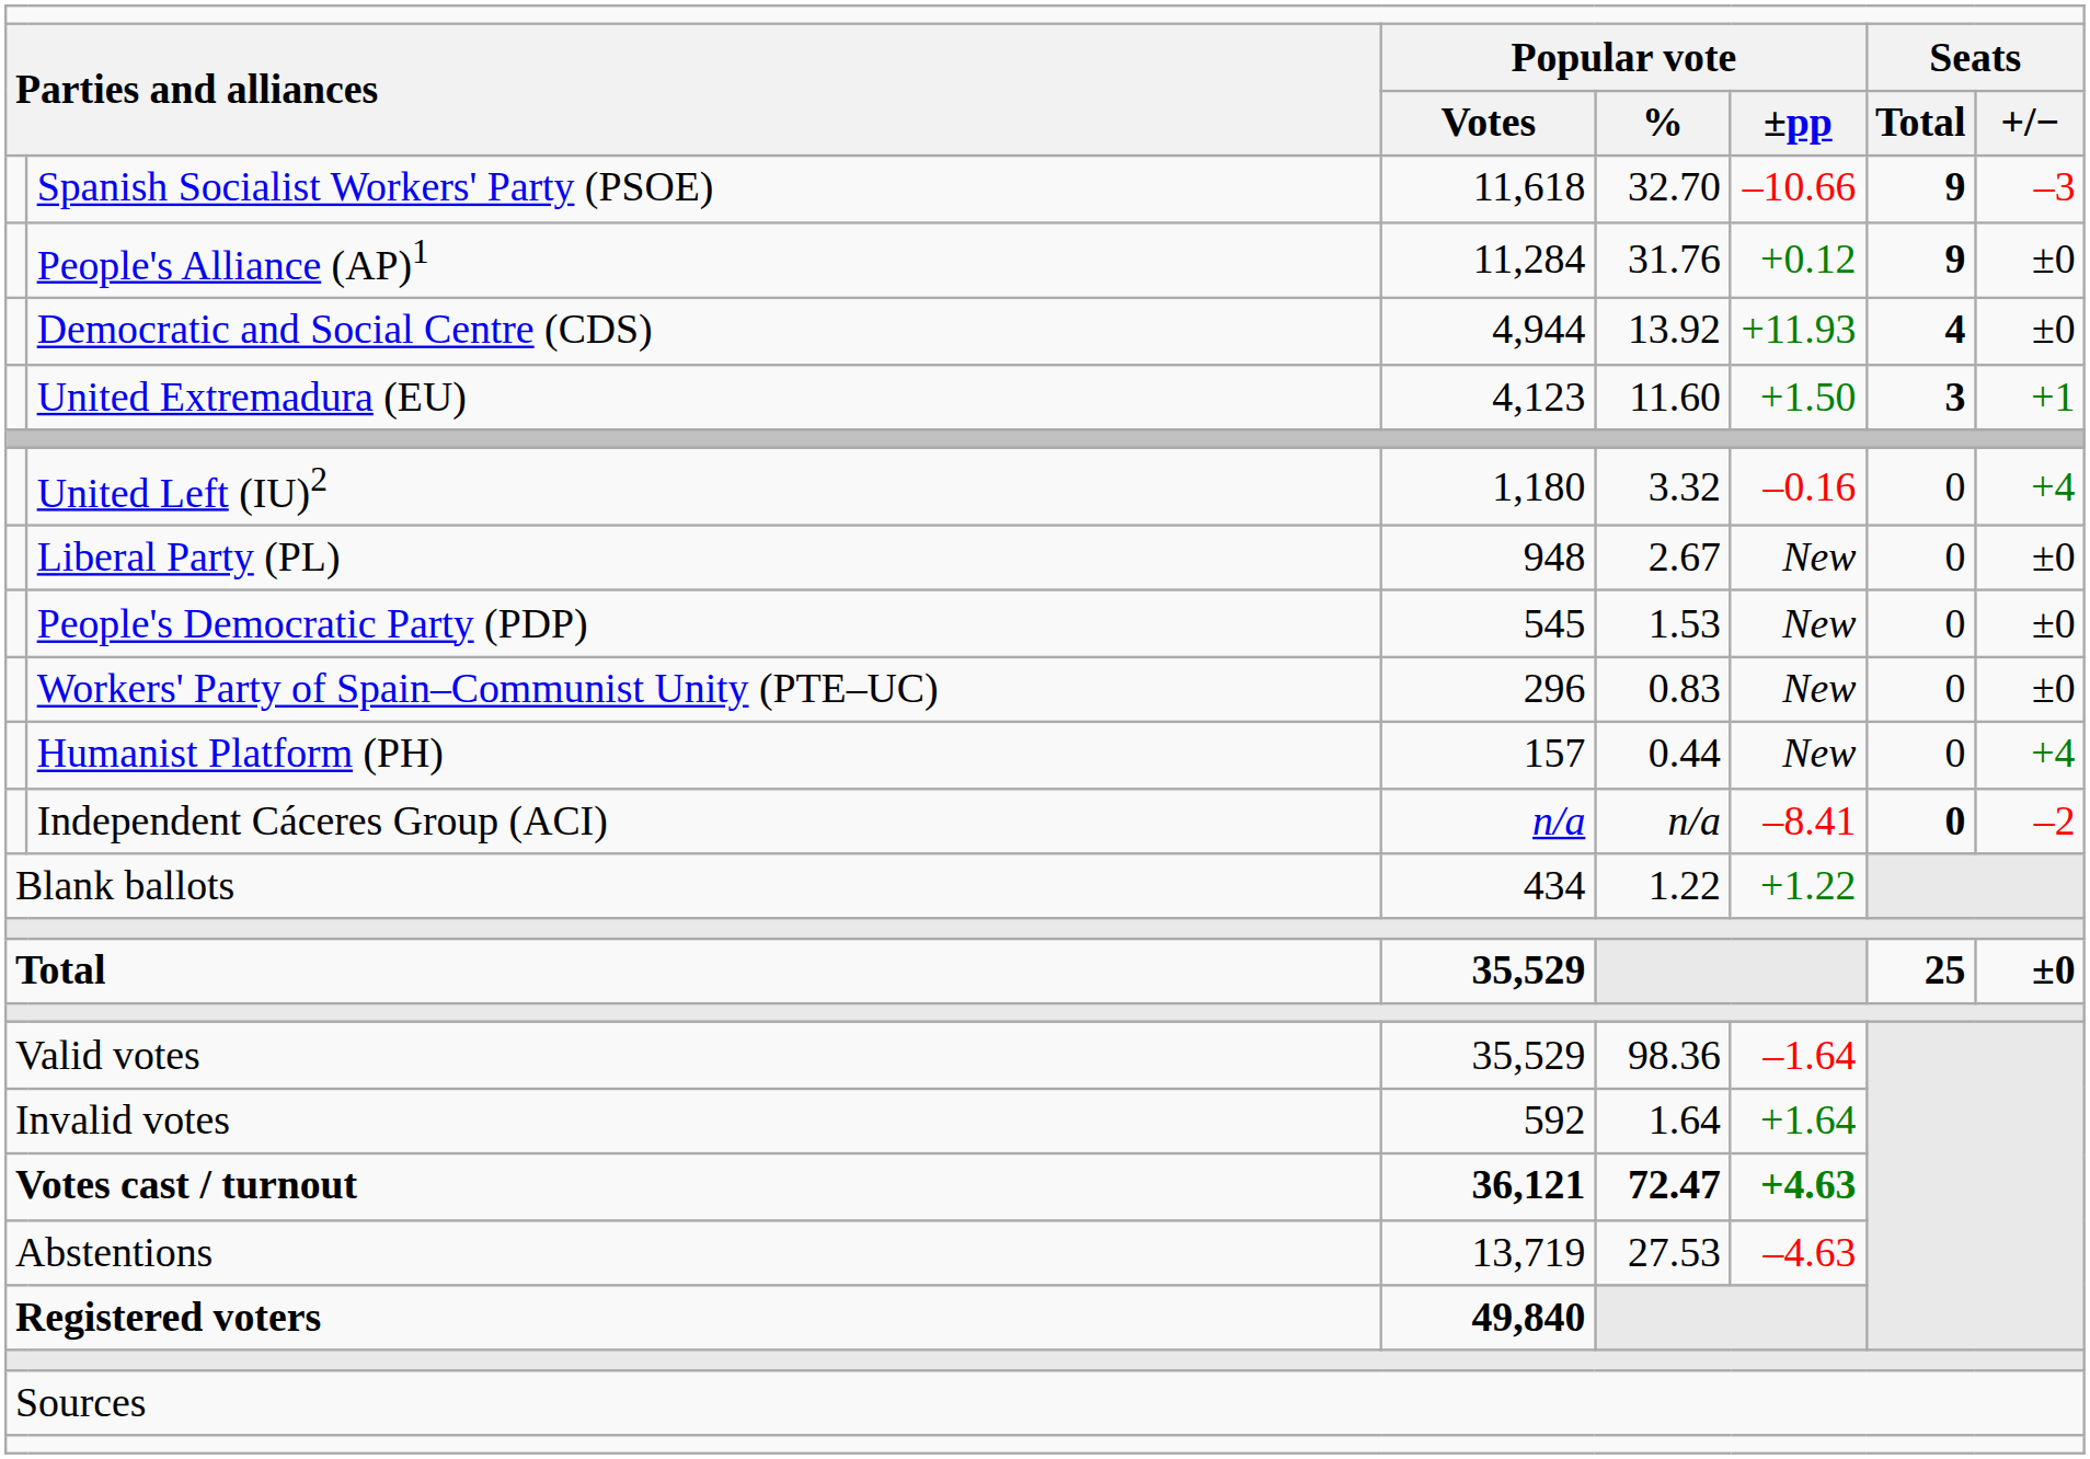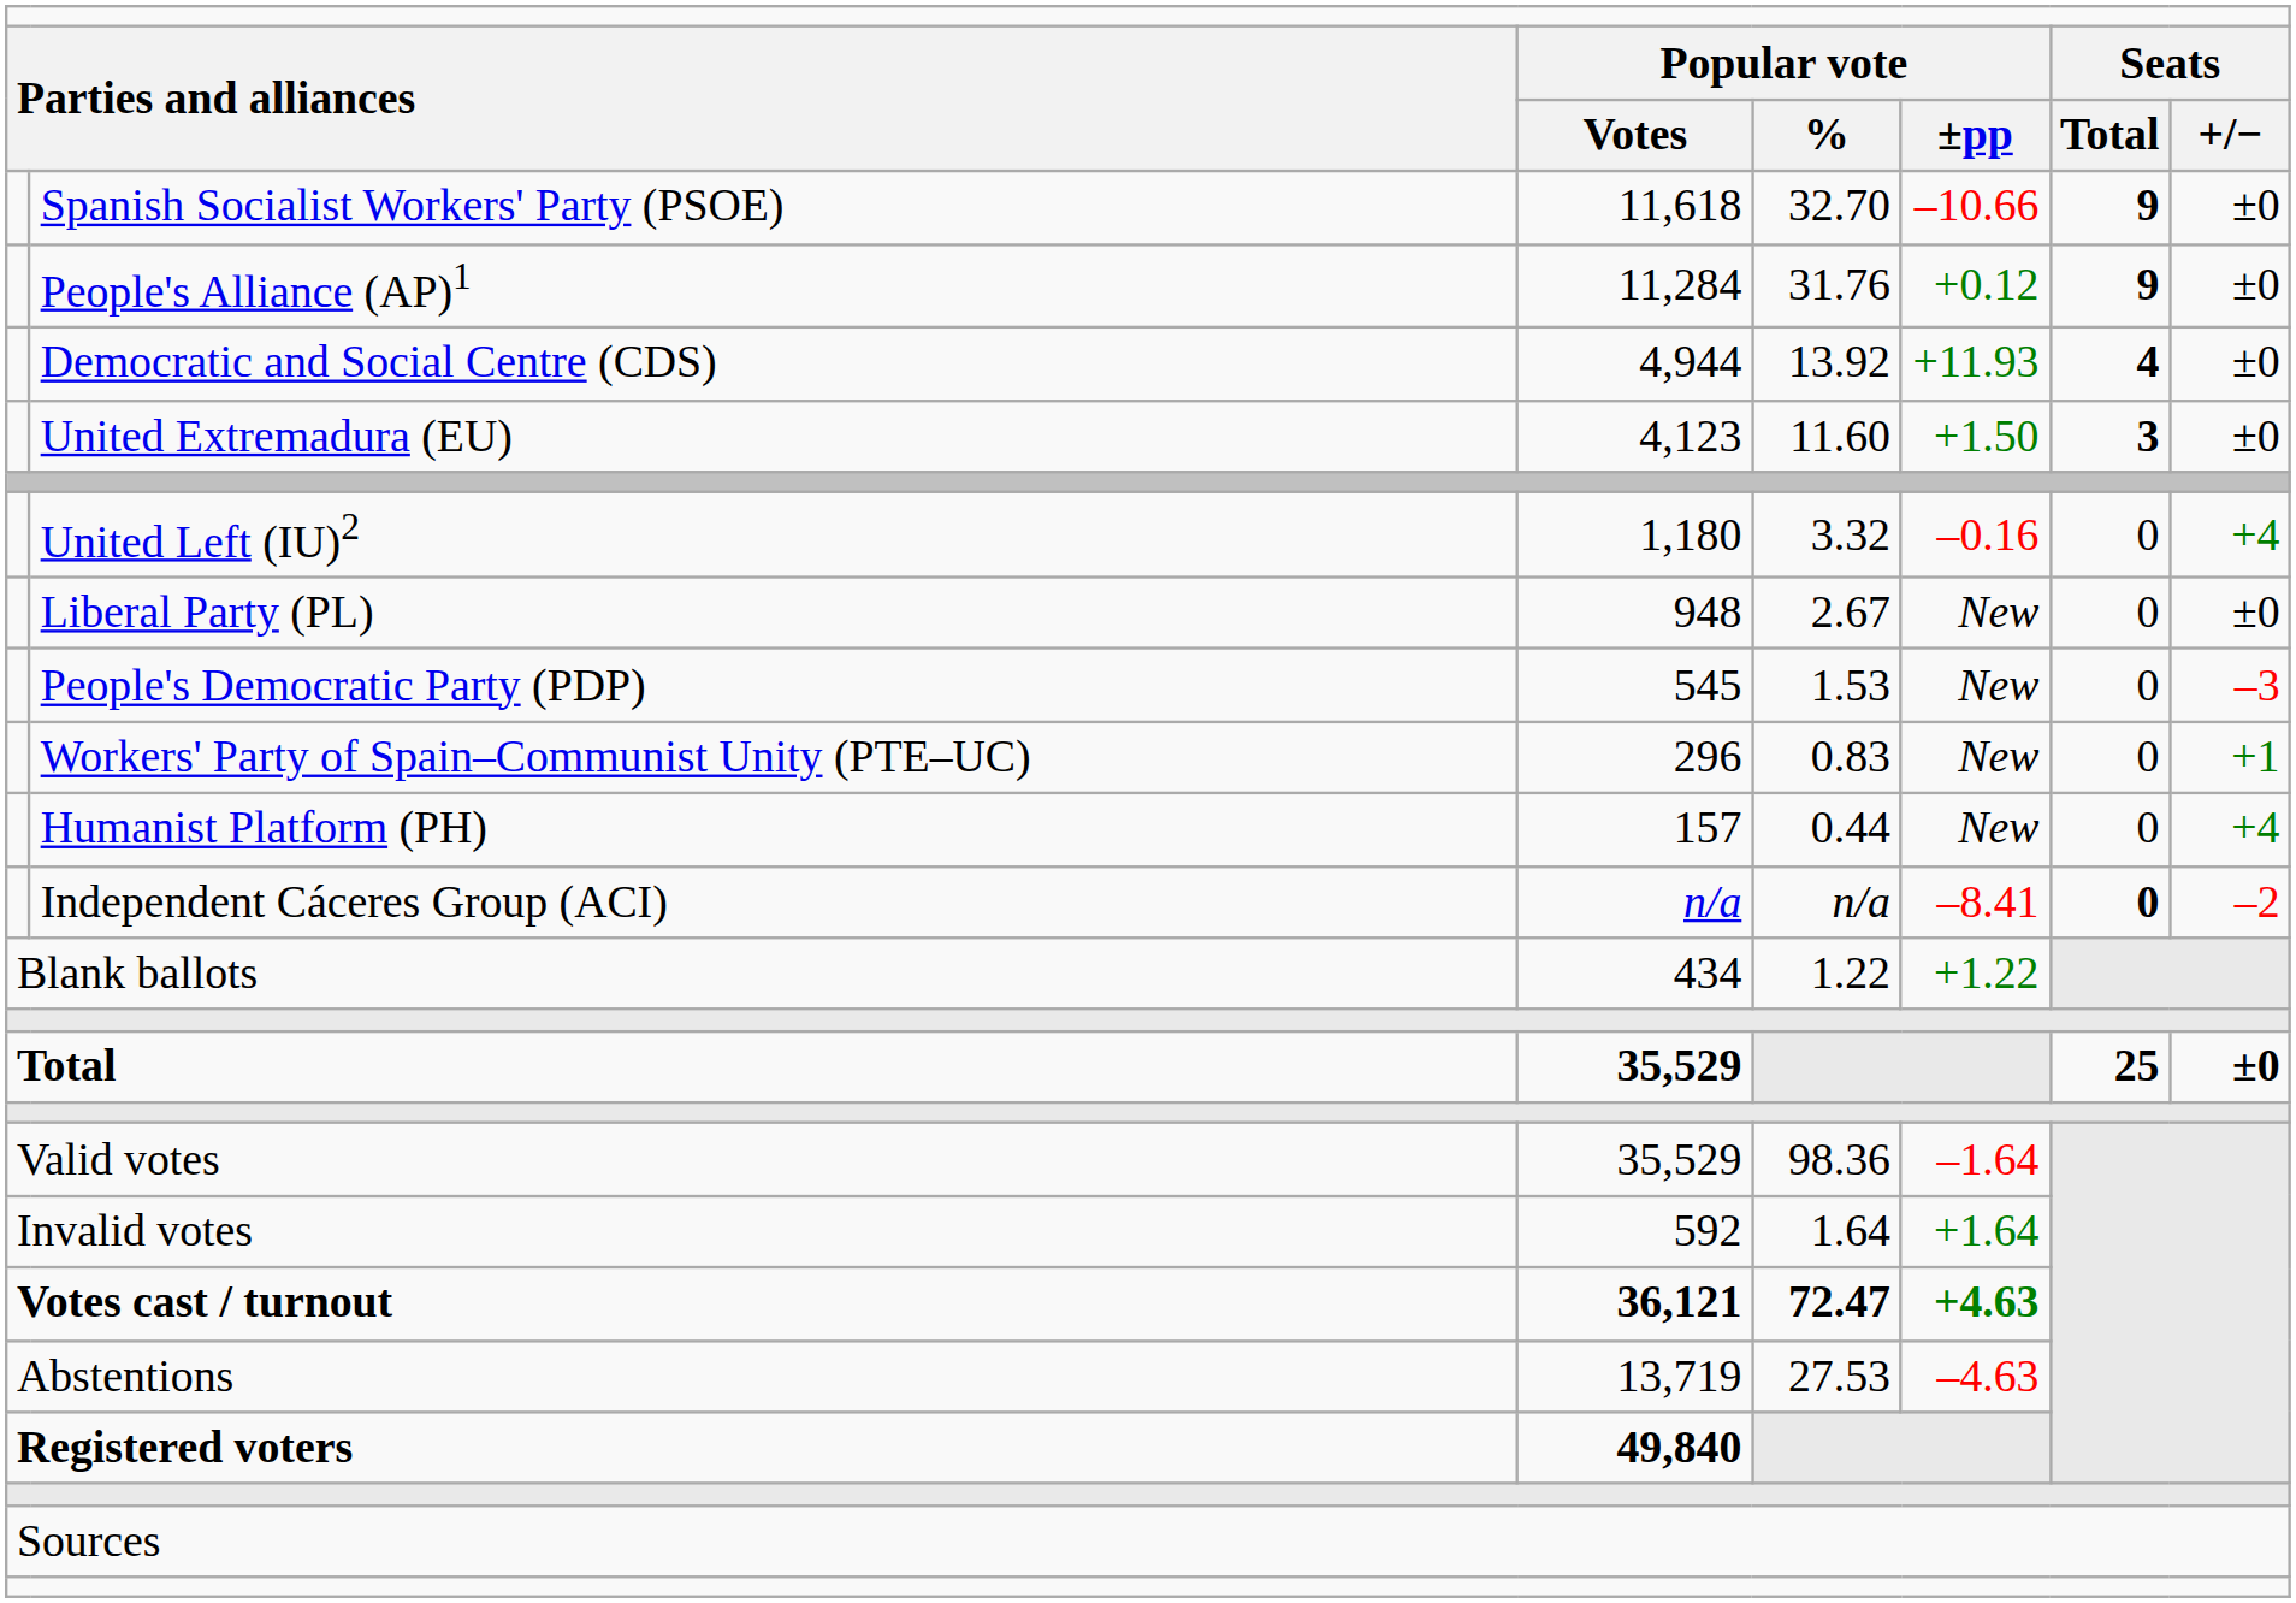 <table class="wikitable" style="text-align:right;">
 <tr>
 <td colspan="7"></td>
 </tr>
 <tr>
 <th style="text-align:left;" rowspan="2" colspan="2" width="525">Parties and alliances</th>
 <th colspan="3">Popular vote</th>
 <th colspan="2">Seats</th>
 </tr>
 <tr>
 <th width="75">Votes</th>
 <th width="45">%</th>
 <th width="45">±<a href='#'>pp</a></th>
 <th width="35">Total</th>
 <th width="35">+/−</th>
 </tr>
 <tr>
 <td width="1" style="color:inherit;background:"></td>
 <td align="left"><a href='#'>Spanish Socialist Workers' Party</a> (PSOE)</td>
 <td>11,618</td>
 <td>32.70</td>
 <td style="color:red;">–10.66</td>
 <td><strong>9</strong></td>
-<td style="color:red;">–3</td>
+<td>±0</td>
 </tr>
 <tr>
 <td style="color:inherit;background:"></td>
 <td align="left"><a href='#'>People's Alliance</a> (AP)<sup>1</sup></td>
 <td>11,284</td>
 <td>31.76</td>
 <td style="color:green;">+0.12</td>
 <td><strong>9</strong></td>
 <td>±0</td>
 </tr>
 <tr>
 <td style="color:inherit;background:"></td>
 <td align="left"><a href='#'>Democratic and Social Centre</a> (CDS)</td>
 <td>4,944</td>
 <td>13.92</td>
 <td style="color:green;">+11.93</td>
 <td><strong>4</strong></td>
 <td>±0</td>
 </tr>
 <tr>
 <td style="color:inherit;background:"></td>
 <td align="left"><a href='#'>United Extremadura</a> (EU)</td>
 <td>4,123</td>
 <td>11.60</td>
 <td style="color:green;">+1.50</td>
 <td><strong>3</strong></td>
-<td style="color:green;">+1</td>
+<td>±0</td>
 </tr>
 <tr>
 <td colspan="7" bgcolor="#C0C0C0"></td>
 </tr>
 <tr>
 <td style="color:inherit;background:"></td>
 <td align="left"><a href='#'>United Left</a> (IU)<sup>2</sup></td>
 <td>1,180</td>
 <td>3.32</td>
 <td style="color:red;">–0.16</td>
 <td>0</td>
 <td style="color:green;">+4</td>
 </tr>
 <tr>
 <td style="color:inherit;background:"></td>
 <td align="left"><a href='#'>Liberal Party</a> (PL)</td>
 <td>948</td>
 <td>2.67</td>
 <td><em>New</em></td>
 <td>0</td>
 <td>±0</td>
 </tr>
 <tr>
 <td style="color:inherit;background:"></td>
 <td align="left"><a href='#'>People's Democratic Party</a> (PDP)</td>
 <td>545</td>
 <td>1.53</td>
 <td><em>New</em></td>
 <td>0</td>
-<td>±0</td>
+<td style="color:red;">–3</td>
 </tr>
 <tr>
 <td style="color:inherit;background:"></td>
 <td align="left"><a href='#'>Workers' Party of Spain–Communist Unity</a> (PTE–UC)</td>
 <td>296</td>
 <td>0.83</td>
 <td><em>New</em></td>
 <td>0</td>
-<td>±0</td>
+<td style="color:green;">+1</td>
 </tr>
 <tr>
 <td style="color:inherit;background:"></td>
 <td align="left"><a href='#'>Humanist Platform</a> (PH)</td>
 <td>157</td>
 <td>0.44</td>
 <td><em>New</em></td>
 <td>0</td>
 <td style="color:green;">+4</td>
 </tr>
 <tr>
 <td style="color:inherit;background:"></td>
 <td align="left">Independent Cáceres Group (ACI)</td>
 <td><em><a href='#'>n/a</a></em></td>
 <td><em>n/a</em></td>
 <td style="color:red;">–8.41</td>
 <td><strong>0</strong></td>
 <td style="color:red;">–2</td>
 </tr>
 <tr>
 <td align="left" colspan="2">Blank ballots</td>
 <td>434</td>
 <td>1.22</td>
 <td style="color:green;">+1.22</td>
 <td bgcolor="#E9E9E9" colspan="2"></td>
 </tr>
 <tr>
 <td colspan="7" bgcolor="#E9E9E9"></td>
 </tr>
 <tr style="font-weight:bold;">
 <td align="left" colspan="2">Total</td>
 <td>35,529</td>
 <td bgcolor="#E9E9E9" colspan="2"></td>
 <td>25</td>
 <td>±0</td>
 </tr>
 <tr>
 <td colspan="7" bgcolor="#E9E9E9"></td>
 </tr>
 <tr>
 <td align="left" colspan="2">Valid votes</td>
 <td>35,529</td>
 <td>98.36</td>
 <td style="color:red;">–1.64</td>
 <td bgcolor="#E9E9E9" colspan="2" rowspan="5"></td>
 </tr>
 <tr>
 <td align="left" colspan="2">Invalid votes</td>
 <td>592</td>
 <td>1.64</td>
 <td style="color:green;">+1.64</td>
 </tr>
 <tr style="font-weight:bold;">
 <td align="left" colspan="2">Votes cast / turnout</td>
 <td>36,121</td>
 <td>72.47</td>
 <td style="color:green;">+4.63</td>
 </tr>
 <tr>
 <td align="left" colspan="2">Abstentions</td>
 <td>13,719</td>
 <td>27.53</td>
 <td style="color:red;">–4.63</td>
 </tr>
 <tr style="font-weight:bold;">
 <td align="left" colspan="2">Registered voters</td>
 <td>49,840</td>
 <td bgcolor="#E9E9E9" colspan="2"></td>
 </tr>
 <tr>
 <td colspan="7" bgcolor="#E9E9E9"></td>
 </tr>
 <tr>
 <td align="left" colspan="7">Sources</td>
 </tr>
 <tr>
 <td colspan="7" style="text-align:left; max-width:790px;"></td>
 </tr>
 </table>
